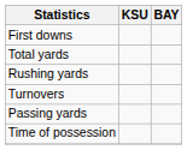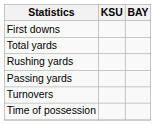 <table class="wikitable">
 <tr>
 <th>Statistics</th>
 <th>KSU</th>
 <th>BAY</th>
 </tr>
 <tr>
 <td>First downs</td>
 <td></td>
 <td></td>
 </tr>
 <tr>
 <td>Total yards</td>
 <td></td>
 <td></td>
 </tr>
 <tr>
 <td>Rushing yards</td>
 <td></td>
 <td></td>
 </tr>
 <tr>
-<td>Turnovers</td>
+<td>Passing yards</td>
 <td></td>
 <td></td>
 </tr>
 <tr>
-<td>Passing yards</td>
+<td>Turnovers</td>
 <td></td>
 <td></td>
 </tr>
 <tr>
 <td>Time of possession</td>
 <td></td>
 <td></td>
 </tr>
 <tr>
 </tr>
 </table>
